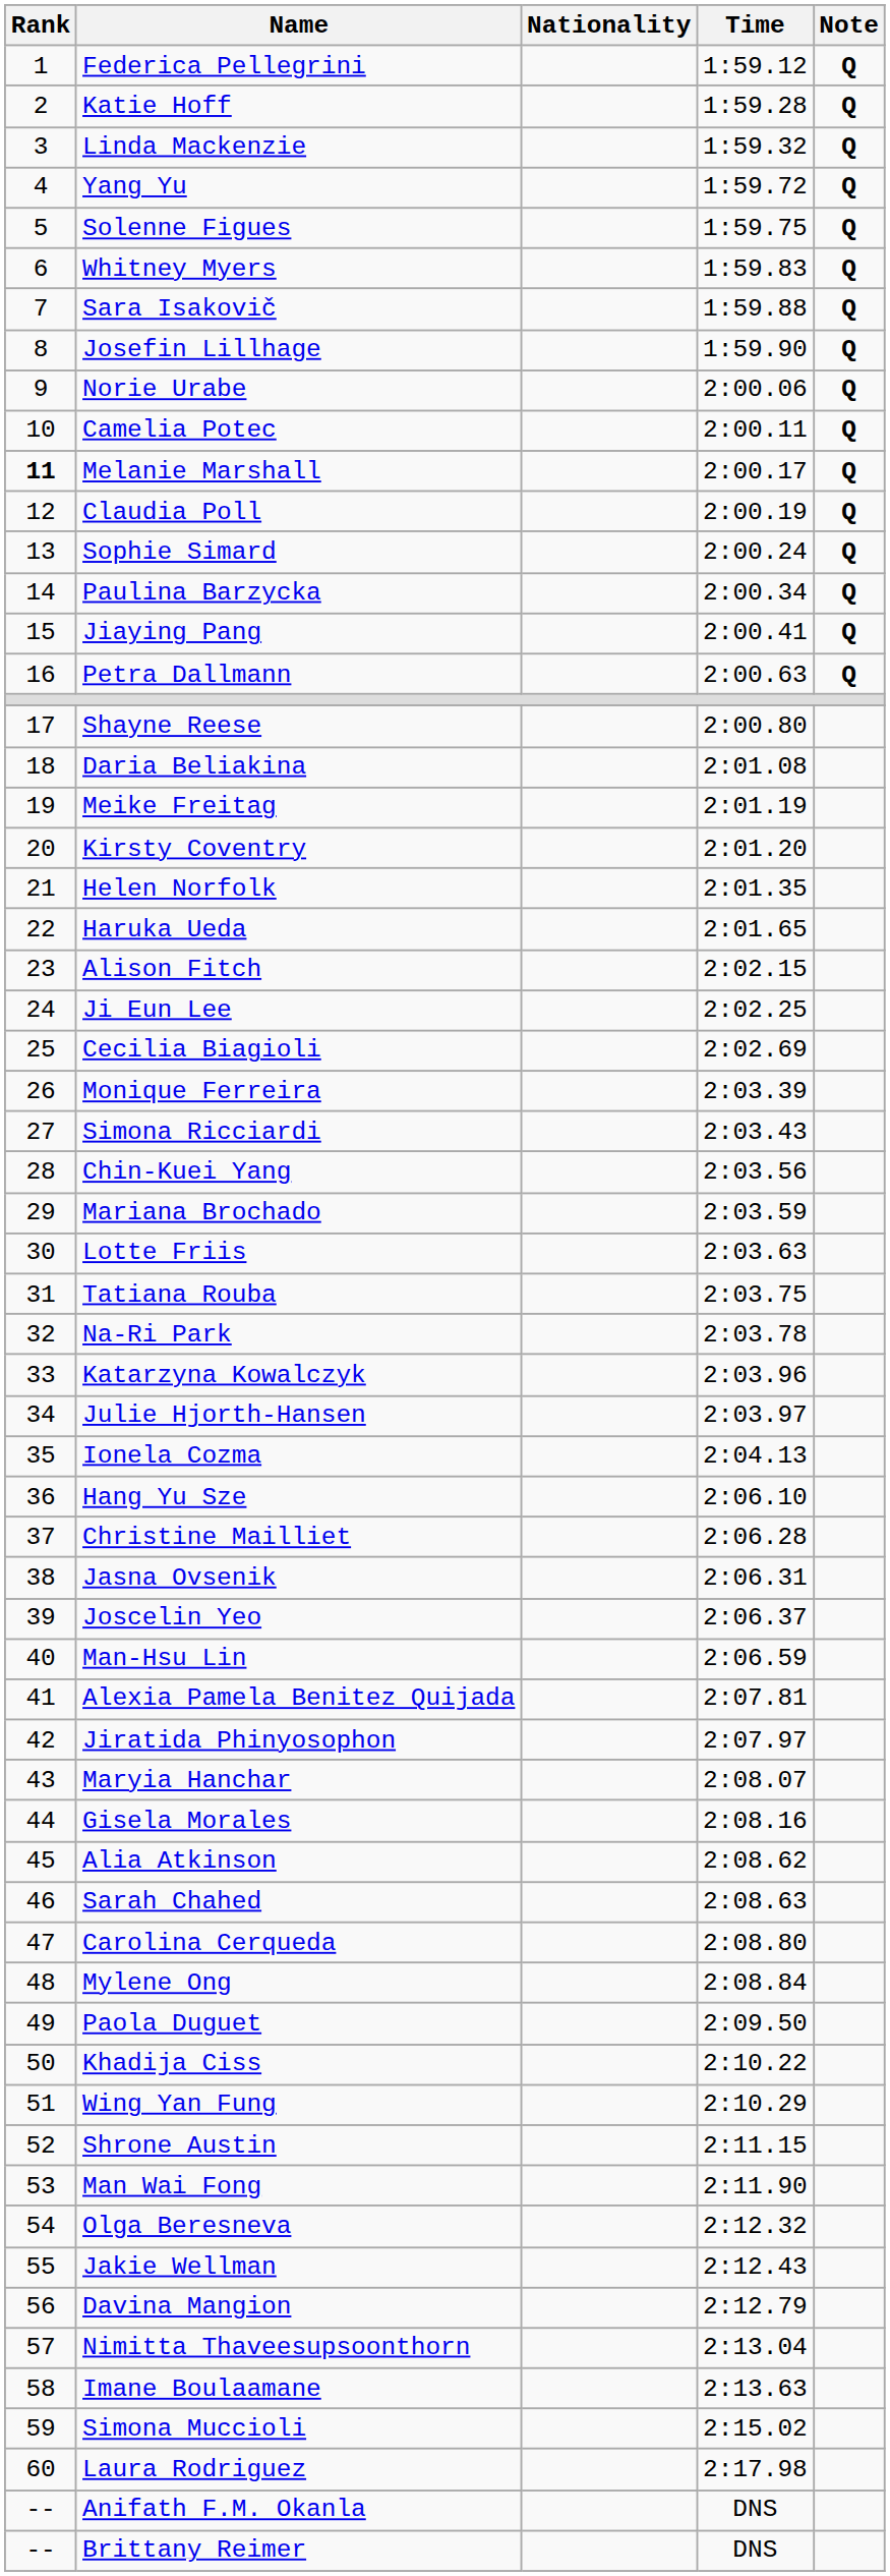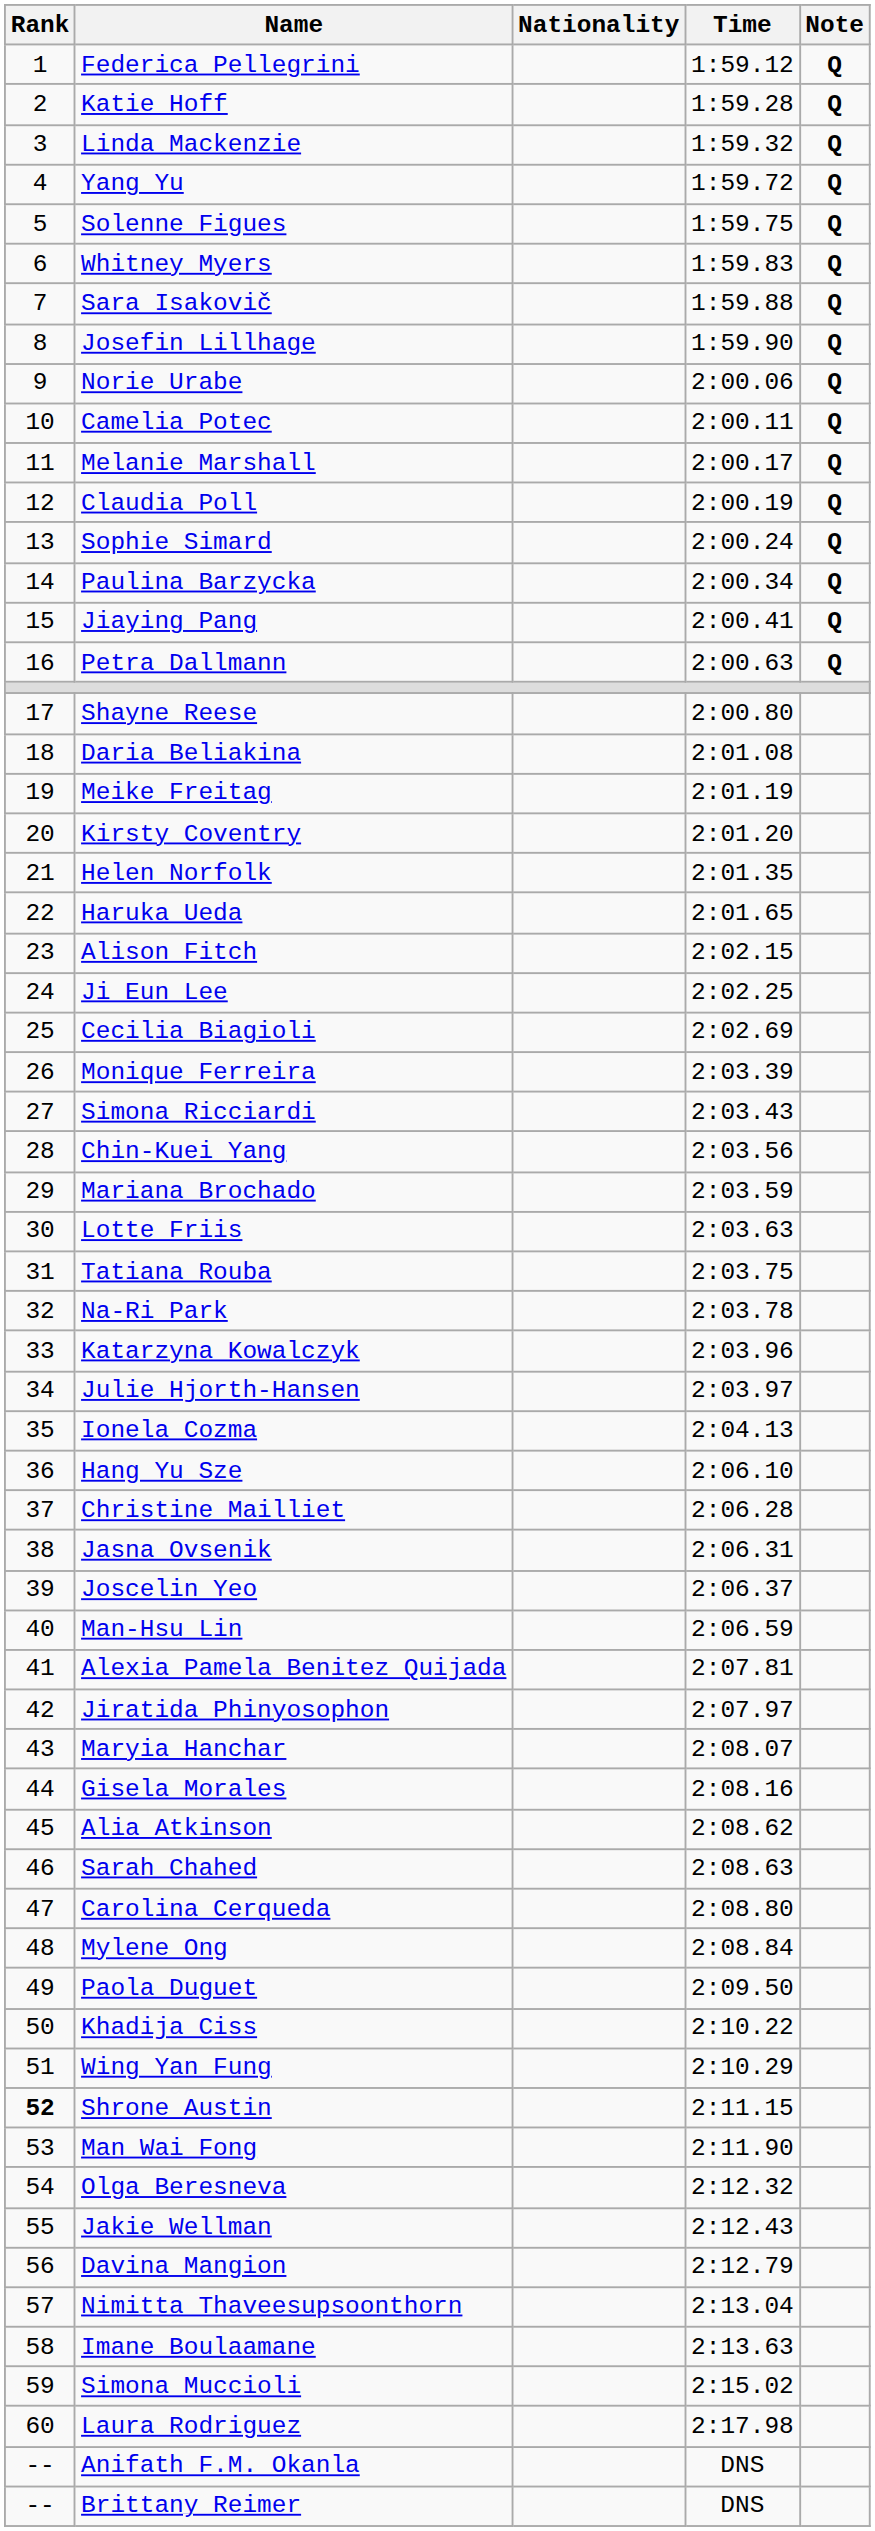 <table class="wikitable" style="text-align:center">
 <tr>
 <th>Rank</th>
 <th>Name</th>
 <th>Nationality</th>
 <th>Time</th>
 <th>Note</th>
 </tr>
 <tr>
 <td>1</td>
 <td align=left><a href='#'>Federica Pellegrini</a></td>
 <td align=left></td>
 <td>1:59.12</td>
 <td><strong>Q</strong></td>
 </tr>
 <tr>
 <td>2</td>
 <td align=left><a href='#'>Katie Hoff</a></td>
 <td align=left></td>
 <td>1:59.28</td>
 <td><strong>Q</strong></td>
 </tr>
 <tr>
 <td>3</td>
 <td align=left><a href='#'>Linda Mackenzie</a></td>
 <td align=left></td>
 <td>1:59.32</td>
 <td><strong>Q</strong></td>
 </tr>
 <tr>
 <td>4</td>
 <td align=left><a href='#'>Yang Yu</a></td>
 <td align=left></td>
 <td>1:59.72</td>
 <td><strong>Q</strong></td>
 </tr>
 <tr>
 <td>5</td>
 <td align=left><a href='#'>Solenne Figues</a></td>
 <td align=left></td>
 <td>1:59.75</td>
 <td><strong>Q</strong></td>
 </tr>
 <tr>
 <td>6</td>
 <td align=left><a href='#'>Whitney Myers</a></td>
 <td align=left></td>
 <td>1:59.83</td>
 <td><strong>Q</strong></td>
 </tr>
 <tr>
 <td>7</td>
 <td align=left><a href='#'>Sara Isakovič</a></td>
 <td align=left></td>
 <td>1:59.88</td>
 <td><strong>Q</strong></td>
 </tr>
 <tr>
 <td>8</td>
 <td align=left><a href='#'>Josefin Lillhage</a></td>
 <td align=left></td>
 <td>1:59.90</td>
 <td><strong>Q</strong></td>
 </tr>
 <tr>
 <td>9</td>
 <td align=left><a href='#'>Norie Urabe</a></td>
 <td align=left></td>
 <td>2:00.06</td>
 <td><strong>Q</strong></td>
 </tr>
 <tr>
 <td>10</td>
 <td align=left><a href='#'>Camelia Potec</a></td>
 <td align=left></td>
 <td>2:00.11</td>
 <td><strong>Q</strong></td>
 </tr>
 <tr>
-<td><strong>11</strong></td>
+<td>11</td>
 <td align=left><a href='#'>Melanie Marshall</a></td>
 <td align=left></td>
 <td>2:00.17</td>
 <td><strong>Q</strong></td>
 </tr>
 <tr>
 <td>12</td>
 <td align=left><a href='#'>Claudia Poll</a></td>
 <td align=left></td>
 <td>2:00.19</td>
 <td><strong>Q</strong></td>
 </tr>
 <tr>
 <td>13</td>
 <td align=left><a href='#'>Sophie Simard</a></td>
 <td align=left></td>
 <td>2:00.24</td>
 <td><strong>Q</strong></td>
 </tr>
 <tr>
 <td>14</td>
 <td align=left><a href='#'>Paulina Barzycka</a></td>
 <td align=left></td>
 <td>2:00.34</td>
 <td><strong>Q</strong></td>
 </tr>
 <tr>
 <td>15</td>
 <td align=left><a href='#'>Jiaying Pang</a></td>
 <td align=left></td>
 <td>2:00.41</td>
 <td><strong>Q</strong></td>
 </tr>
 <tr>
 <td>16</td>
 <td align=left><a href='#'>Petra Dallmann</a></td>
 <td align=left></td>
 <td>2:00.63</td>
 <td><strong>Q</strong></td>
 </tr>
 <tr bgcolor=#DDDDDD>
 <td colspan=5></td>
 </tr>
 <tr>
 <td>17</td>
 <td align=left><a href='#'>Shayne Reese</a></td>
 <td align=left></td>
 <td>2:00.80</td>
 <td></td>
 </tr>
 <tr>
 <td>18</td>
 <td align=left><a href='#'>Daria Beliakina</a></td>
 <td align=left></td>
 <td>2:01.08</td>
 <td></td>
 </tr>
 <tr>
 <td>19</td>
 <td align=left><a href='#'>Meike Freitag</a></td>
 <td align=left></td>
 <td>2:01.19</td>
 <td></td>
 </tr>
 <tr>
 <td>20</td>
 <td align=left><a href='#'>Kirsty Coventry</a></td>
 <td align=left></td>
 <td>2:01.20</td>
 <td></td>
 </tr>
 <tr>
 <td>21</td>
 <td align=left><a href='#'>Helen Norfolk</a></td>
 <td align=left></td>
 <td>2:01.35</td>
 <td></td>
 </tr>
 <tr>
 <td>22</td>
 <td align=left><a href='#'>Haruka Ueda</a></td>
 <td align=left></td>
 <td>2:01.65</td>
 <td></td>
 </tr>
 <tr>
 <td>23</td>
 <td align=left><a href='#'>Alison Fitch</a></td>
 <td align=left></td>
 <td>2:02.15</td>
 <td></td>
 </tr>
 <tr>
 <td>24</td>
 <td align=left><a href='#'>Ji Eun Lee</a></td>
 <td align=left></td>
 <td>2:02.25</td>
 <td></td>
 </tr>
 <tr>
 <td>25</td>
 <td align=left><a href='#'>Cecilia Biagioli</a></td>
 <td align=left></td>
 <td>2:02.69</td>
 <td></td>
 </tr>
 <tr>
 <td>26</td>
 <td align=left><a href='#'>Monique Ferreira</a></td>
 <td align=left></td>
 <td>2:03.39</td>
 <td></td>
 </tr>
 <tr>
 <td>27</td>
 <td align=left><a href='#'>Simona Ricciardi</a></td>
 <td align=left></td>
 <td>2:03.43</td>
 <td></td>
 </tr>
 <tr>
 <td>28</td>
 <td align=left><a href='#'>Chin-Kuei Yang</a></td>
 <td align=left></td>
 <td>2:03.56</td>
 <td></td>
 </tr>
 <tr>
 <td>29</td>
 <td align=left><a href='#'>Mariana Brochado</a></td>
 <td align=left></td>
 <td>2:03.59</td>
 <td></td>
 </tr>
 <tr>
 <td>30</td>
 <td align=left><a href='#'>Lotte Friis</a></td>
 <td align=left></td>
 <td>2:03.63</td>
 <td></td>
 </tr>
 <tr>
 <td>31</td>
 <td align=left><a href='#'>Tatiana Rouba</a></td>
 <td align=left></td>
 <td>2:03.75</td>
 <td></td>
 </tr>
 <tr>
 <td>32</td>
 <td align=left><a href='#'>Na-Ri Park</a></td>
 <td align=left></td>
 <td>2:03.78</td>
 <td></td>
 </tr>
 <tr>
 <td>33</td>
 <td align=left><a href='#'>Katarzyna Kowalczyk</a></td>
 <td align=left></td>
 <td>2:03.96</td>
 <td></td>
 </tr>
 <tr>
 <td>34</td>
 <td align=left><a href='#'>Julie Hjorth-Hansen</a></td>
 <td align=left></td>
 <td>2:03.97</td>
 <td></td>
 </tr>
 <tr>
 <td>35</td>
 <td align=left><a href='#'>Ionela Cozma</a></td>
 <td align=left></td>
 <td>2:04.13</td>
 <td></td>
 </tr>
 <tr>
 <td>36</td>
 <td align=left><a href='#'>Hang Yu Sze</a></td>
 <td align=left></td>
 <td>2:06.10</td>
 <td></td>
 </tr>
 <tr>
 <td>37</td>
 <td align=left><a href='#'>Christine Mailliet</a></td>
 <td align=left></td>
 <td>2:06.28</td>
 <td></td>
 </tr>
 <tr>
 <td>38</td>
 <td align=left><a href='#'>Jasna Ovsenik</a></td>
 <td align=left></td>
 <td>2:06.31</td>
 <td></td>
 </tr>
 <tr>
 <td>39</td>
 <td align=left><a href='#'>Joscelin Yeo</a></td>
 <td align=left></td>
 <td>2:06.37</td>
 <td></td>
 </tr>
 <tr>
 <td>40</td>
 <td align=left><a href='#'>Man-Hsu Lin</a></td>
 <td align=left></td>
 <td>2:06.59</td>
 <td></td>
 </tr>
 <tr>
 <td>41</td>
 <td align=left><a href='#'>Alexia Pamela Benitez Quijada</a></td>
 <td align=left></td>
 <td>2:07.81</td>
 <td></td>
 </tr>
 <tr>
 <td>42</td>
 <td align=left><a href='#'>Jiratida Phinyosophon</a></td>
 <td align=left></td>
 <td>2:07.97</td>
 <td></td>
 </tr>
 <tr>
 <td>43</td>
 <td align=left><a href='#'>Maryia Hanchar</a></td>
 <td align=left></td>
 <td>2:08.07</td>
 <td></td>
 </tr>
 <tr>
 <td>44</td>
 <td align=left><a href='#'>Gisela Morales</a></td>
 <td align=left></td>
 <td>2:08.16</td>
 <td></td>
 </tr>
 <tr>
 <td>45</td>
 <td align=left><a href='#'>Alia Atkinson</a></td>
 <td align=left></td>
 <td>2:08.62</td>
 <td></td>
 </tr>
 <tr>
 <td>46</td>
 <td align=left><a href='#'>Sarah Chahed</a></td>
 <td align=left></td>
 <td>2:08.63</td>
 <td></td>
 </tr>
 <tr>
 <td>47</td>
 <td align=left><a href='#'>Carolina Cerqueda</a></td>
 <td align=left></td>
 <td>2:08.80</td>
 <td></td>
 </tr>
 <tr>
 <td>48</td>
 <td align=left><a href='#'>Mylene Ong</a></td>
 <td align=left></td>
 <td>2:08.84</td>
 <td></td>
 </tr>
 <tr>
 <td>49</td>
 <td align=left><a href='#'>Paola Duguet</a></td>
 <td align=left></td>
 <td>2:09.50</td>
 <td></td>
 </tr>
 <tr>
 <td>50</td>
 <td align=left><a href='#'>Khadija Ciss</a></td>
 <td align=left></td>
 <td>2:10.22</td>
 <td></td>
 </tr>
 <tr>
 <td>51</td>
 <td align=left><a href='#'>Wing Yan Fung</a></td>
 <td align=left></td>
 <td>2:10.29</td>
 <td></td>
 </tr>
 <tr>
-<td>52</td>
+<td><strong>52</strong></td>
 <td align=left><a href='#'>Shrone Austin</a></td>
 <td align=left></td>
 <td>2:11.15</td>
 <td></td>
 </tr>
 <tr>
 <td>53</td>
 <td align=left><a href='#'>Man Wai Fong</a></td>
 <td align=left></td>
 <td>2:11.90</td>
 <td></td>
 </tr>
 <tr>
 <td>54</td>
 <td align=left><a href='#'>Olga Beresneva</a></td>
 <td align=left></td>
 <td>2:12.32</td>
 <td></td>
 </tr>
 <tr>
 <td>55</td>
 <td align=left><a href='#'>Jakie Wellman</a></td>
 <td align=left></td>
 <td>2:12.43</td>
 <td></td>
 </tr>
 <tr>
 <td>56</td>
 <td align=left><a href='#'>Davina Mangion</a></td>
 <td align=left></td>
 <td>2:12.79</td>
 <td></td>
 </tr>
 <tr>
 <td>57</td>
 <td align=left><a href='#'>Nimitta Thaveesupsoonthorn</a></td>
 <td align=left></td>
 <td>2:13.04</td>
 <td></td>
 </tr>
 <tr>
 <td>58</td>
 <td align=left><a href='#'>Imane Boulaamane</a></td>
 <td align=left></td>
 <td>2:13.63</td>
 <td></td>
 </tr>
 <tr>
 <td>59</td>
 <td align=left><a href='#'>Simona Muccioli</a></td>
 <td align=left></td>
 <td>2:15.02</td>
 <td></td>
 </tr>
 <tr>
 <td>60</td>
 <td align=left><a href='#'>Laura Rodriguez</a></td>
 <td align=left></td>
 <td>2:17.98</td>
 <td></td>
 </tr>
 <tr>
 <td>--</td>
 <td align=left><a href='#'>Anifath F.M. Okanla</a></td>
 <td align=left></td>
 <td>DNS</td>
 <td></td>
 </tr>
 <tr>
 <td>--</td>
 <td align=left><a href='#'>Brittany Reimer</a></td>
 <td align=left></td>
 <td>DNS</td>
 <td></td>
 </tr>
 </table>
